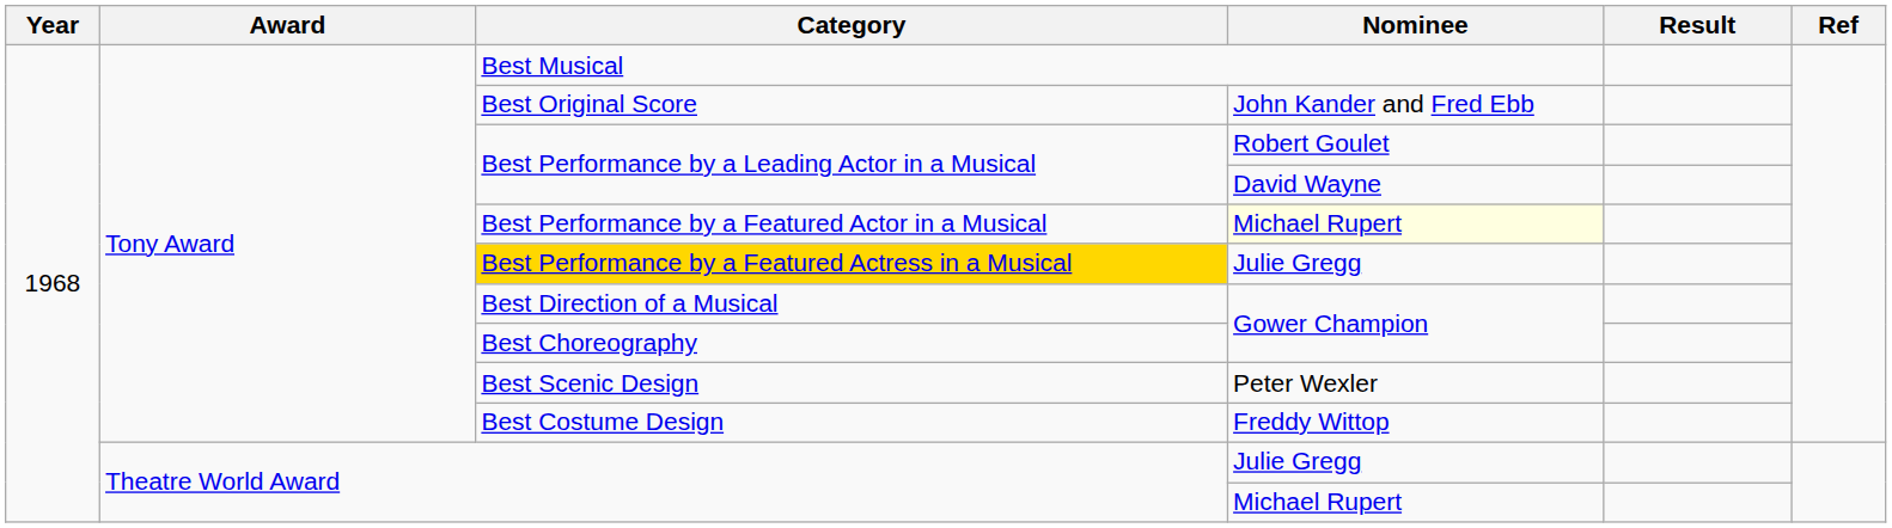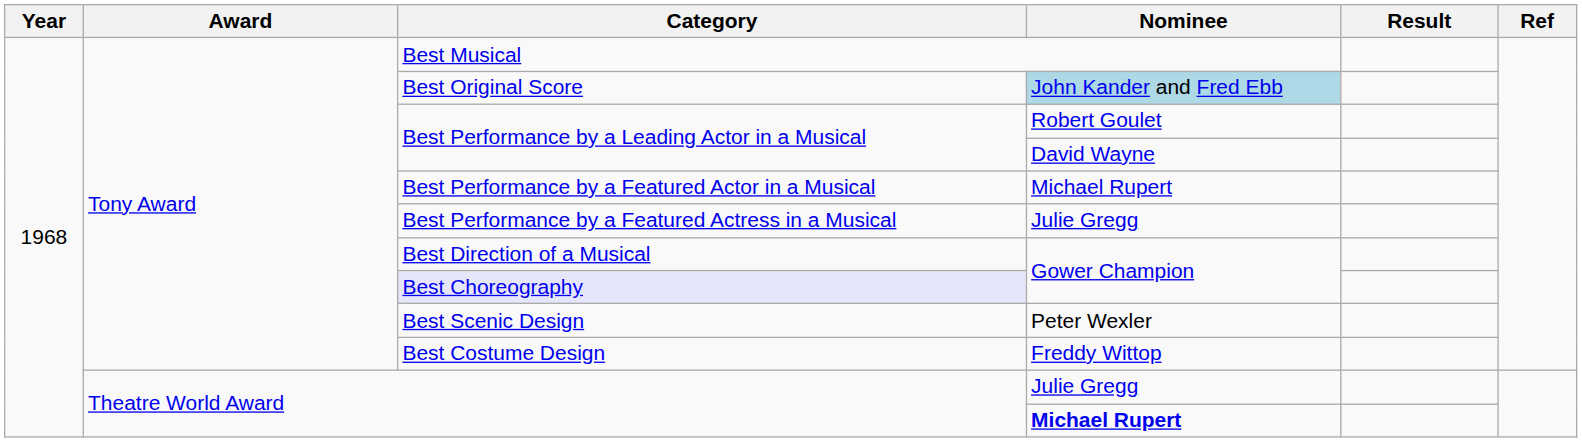 <table class="wikitable" width="95%">
 <tr>
 <th width="5%">Year</th>
 <th width="20%">Award</th>
 <th width="40%">Category</th>
 <th width="20%">Nominee</th>
 <th width="10%">Result</th>
 <th width="5%">Ref</th>
 </tr>
 <tr>
 <td rowspan="12" align="center">1968</td>
 <td rowspan="10"><a href='#'>Tony Award</a></td>
 <td colspan="2"><a href='#'>Best Musical</a></td>
 <td></td>
 <td rowspan="10" align="center"></td>
 </tr>
 <tr>
 <td><a href='#'>Best Original Score</a></td>
-<td><a href='#'>John Kander</a> and <a href='#'>Fred Ebb</a></td>
+<td style="background: lightblue;"><a href='#'>John Kander</a> and <a href='#'>Fred Ebb</a></td>
 <td></td>
 </tr>
 <tr>
 <td rowspan="2"><a href='#'>Best Performance by a Leading Actor in a Musical</a></td>
 <td><a href='#'>Robert Goulet</a></td>
 <td></td>
 </tr>
 <tr>
 <td><a href='#'>David Wayne</a></td>
 <td></td>
 </tr>
 <tr>
 <td><a href='#'>Best Performance by a Featured Actor in a Musical</a></td>
-<td style="background: lightyellow;"><a href='#'>Michael Rupert</a></td>
+<td><a href='#'>Michael Rupert</a></td>
 <td></td>
 </tr>
 <tr>
-<td style="background: gold;"><a href='#'>Best Performance by a Featured Actress in a Musical</a></td>
+<td><a href='#'>Best Performance by a Featured Actress in a Musical</a></td>
 <td><a href='#'>Julie Gregg</a></td>
 <td></td>
 </tr>
 <tr>
 <td><a href='#'>Best Direction of a Musical</a></td>
 <td rowspan="2"><a href='#'>Gower Champion</a></td>
 <td></td>
 </tr>
 <tr>
-<td><a href='#'>Best Choreography</a></td>
+<td style="background: lavender;"><a href='#'>Best Choreography</a></td>
 <td></td>
 </tr>
 <tr>
 <td><a href='#'>Best Scenic Design</a></td>
 <td>Peter Wexler</td>
 <td></td>
 </tr>
 <tr>
 <td><a href='#'>Best Costume Design</a></td>
 <td><a href='#'>Freddy Wittop</a></td>
 <td></td>
 </tr>
 <tr>
 <td rowspan="2" colspan="2"><a href='#'>Theatre World Award</a></td>
 <td><a href='#'>Julie Gregg</a></td>
 <td></td>
 <td rowspan="2" align="center"></td>
 </tr>
 <tr>
-<td><a href='#'>Michael Rupert</a></td>
+<td><strong><a href='#'>Michael Rupert</a></strong></td>
 <td></td>
 </tr>
 </table>
